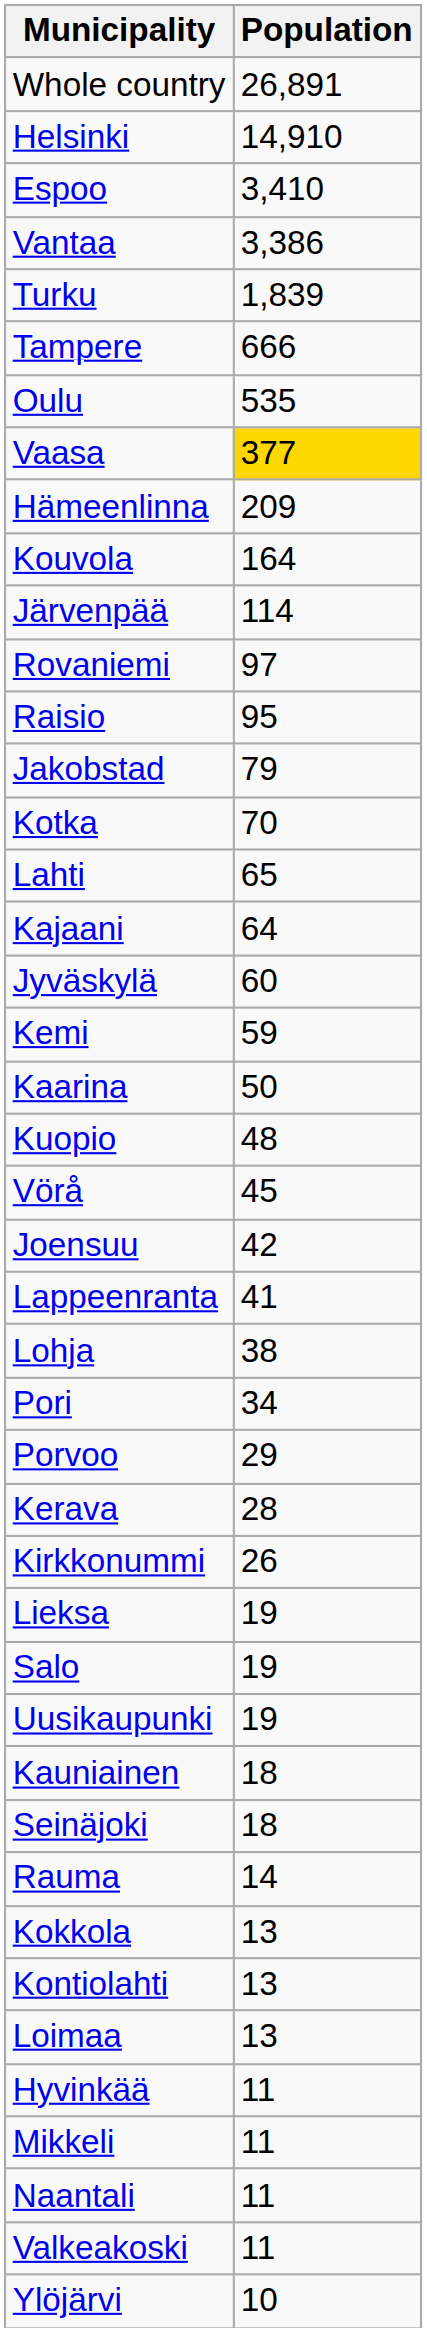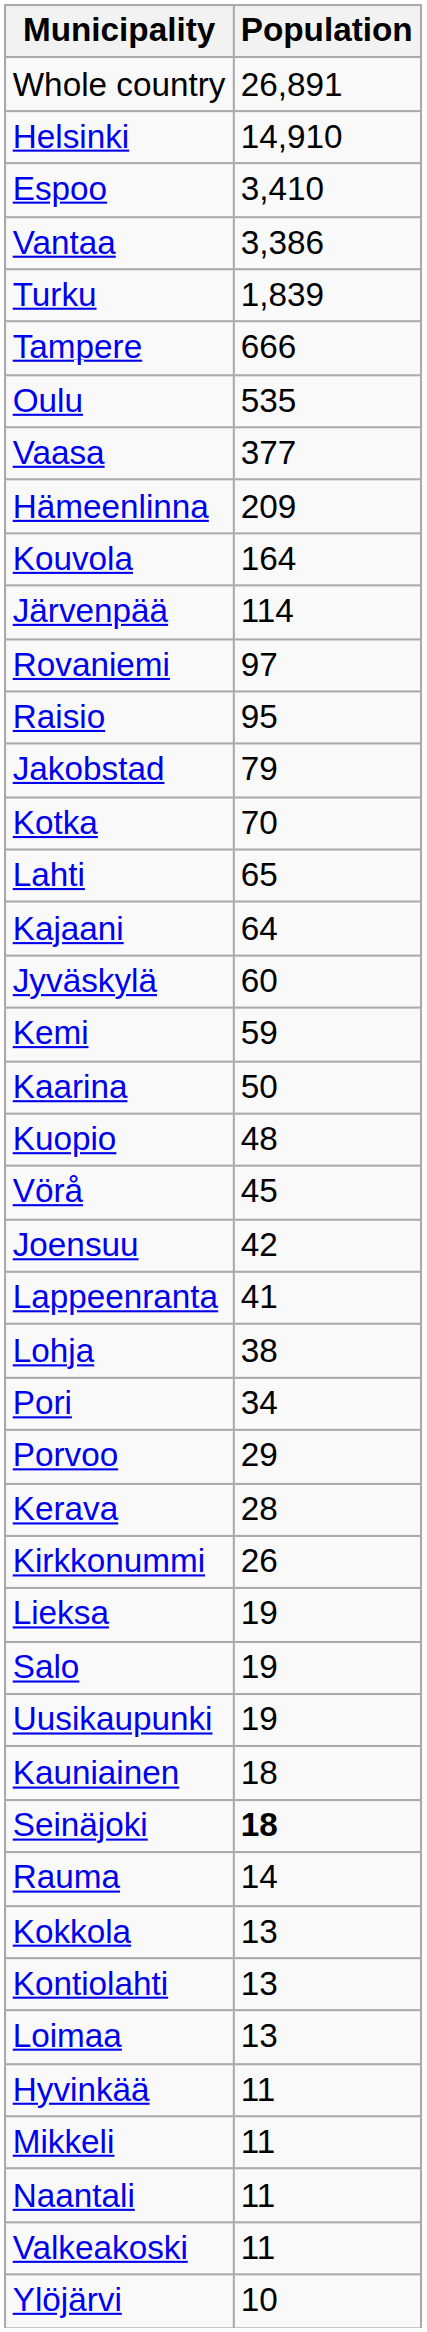 <table role="presentation" class="wikitable sortable mw-collapsible mw-collapsed">
 <tr>
 <th>Municipality</th>
 <th>Population</th>
 </tr>
 <tr>
 <td>Whole country</td>
 <td>26,891</td>
 </tr>
 <tr>
 <td><a href='#'>Helsinki</a></td>
 <td>14,910</td>
 </tr>
 <tr>
 <td><a href='#'>Espoo</a></td>
 <td>3,410</td>
 </tr>
 <tr>
 <td><a href='#'>Vantaa</a></td>
 <td>3,386</td>
 </tr>
 <tr>
 <td><a href='#'>Turku</a></td>
 <td>1,839</td>
 </tr>
 <tr>
 <td><a href='#'>Tampere</a></td>
 <td>666</td>
 </tr>
 <tr>
 <td><a href='#'>Oulu</a></td>
 <td>535</td>
 </tr>
 <tr>
 <td><a href='#'>Vaasa</a></td>
-<td style="background: gold;">377</td>
+<td>377</td>
 </tr>
 <tr>
 <td><a href='#'>Hämeenlinna</a></td>
 <td>209</td>
 </tr>
 <tr>
 <td><a href='#'>Kouvola</a></td>
 <td>164</td>
 </tr>
 <tr>
 <td><a href='#'>Järvenpää</a></td>
 <td>114</td>
 </tr>
 <tr>
 <td><a href='#'>Rovaniemi</a></td>
 <td>97</td>
 </tr>
 <tr>
 <td><a href='#'>Raisio</a></td>
 <td>95</td>
 </tr>
 <tr>
 <td><a href='#'>Jakobstad</a></td>
 <td>79</td>
 </tr>
 <tr>
 <td><a href='#'>Kotka</a></td>
 <td>70</td>
 </tr>
 <tr>
 <td><a href='#'>Lahti</a></td>
 <td>65</td>
 </tr>
 <tr>
 <td><a href='#'>Kajaani</a></td>
 <td>64</td>
 </tr>
 <tr>
 <td><a href='#'>Jyväskylä</a></td>
 <td>60</td>
 </tr>
 <tr>
 <td><a href='#'>Kemi</a></td>
 <td>59</td>
 </tr>
 <tr>
 <td><a href='#'>Kaarina</a></td>
 <td>50</td>
 </tr>
 <tr>
 <td><a href='#'>Kuopio</a></td>
 <td>48</td>
 </tr>
 <tr>
 <td><a href='#'>Vörå</a></td>
 <td>45</td>
 </tr>
 <tr>
 <td><a href='#'>Joensuu</a></td>
 <td>42</td>
 </tr>
 <tr>
 <td><a href='#'>Lappeenranta</a></td>
 <td>41</td>
 </tr>
 <tr>
 <td><a href='#'>Lohja</a></td>
 <td>38</td>
 </tr>
 <tr>
 <td><a href='#'>Pori</a></td>
 <td>34</td>
 </tr>
 <tr>
 <td><a href='#'>Porvoo</a></td>
 <td>29</td>
 </tr>
 <tr>
 <td><a href='#'>Kerava</a></td>
 <td>28</td>
 </tr>
 <tr>
 <td><a href='#'>Kirkkonummi</a></td>
 <td>26</td>
 </tr>
 <tr>
 <td><a href='#'>Lieksa</a></td>
 <td>19</td>
 </tr>
 <tr>
 <td><a href='#'>Salo</a></td>
 <td>19</td>
 </tr>
 <tr>
 <td><a href='#'>Uusikaupunki</a></td>
 <td>19</td>
 </tr>
 <tr>
 <td><a href='#'>Kauniainen</a></td>
 <td>18</td>
 </tr>
 <tr>
 <td><a href='#'>Seinäjoki</a></td>
-<td>18</td>
+<td><strong>18</strong></td>
 </tr>
 <tr>
 <td><a href='#'>Rauma</a></td>
 <td>14</td>
 </tr>
 <tr>
 <td><a href='#'>Kokkola</a></td>
 <td>13</td>
 </tr>
 <tr>
 <td><a href='#'>Kontiolahti</a></td>
 <td>13</td>
 </tr>
 <tr>
 <td><a href='#'>Loimaa</a></td>
 <td>13</td>
 </tr>
 <tr>
 <td><a href='#'>Hyvinkää</a></td>
 <td>11</td>
 </tr>
 <tr>
 <td><a href='#'>Mikkeli</a></td>
 <td>11</td>
 </tr>
 <tr>
 <td><a href='#'>Naantali</a></td>
 <td>11</td>
 </tr>
 <tr>
 <td><a href='#'>Valkeakoski</a></td>
 <td>11</td>
 </tr>
 <tr>
 <td><a href='#'>Ylöjärvi</a></td>
 <td>10</td>
 </tr>
 </table>
